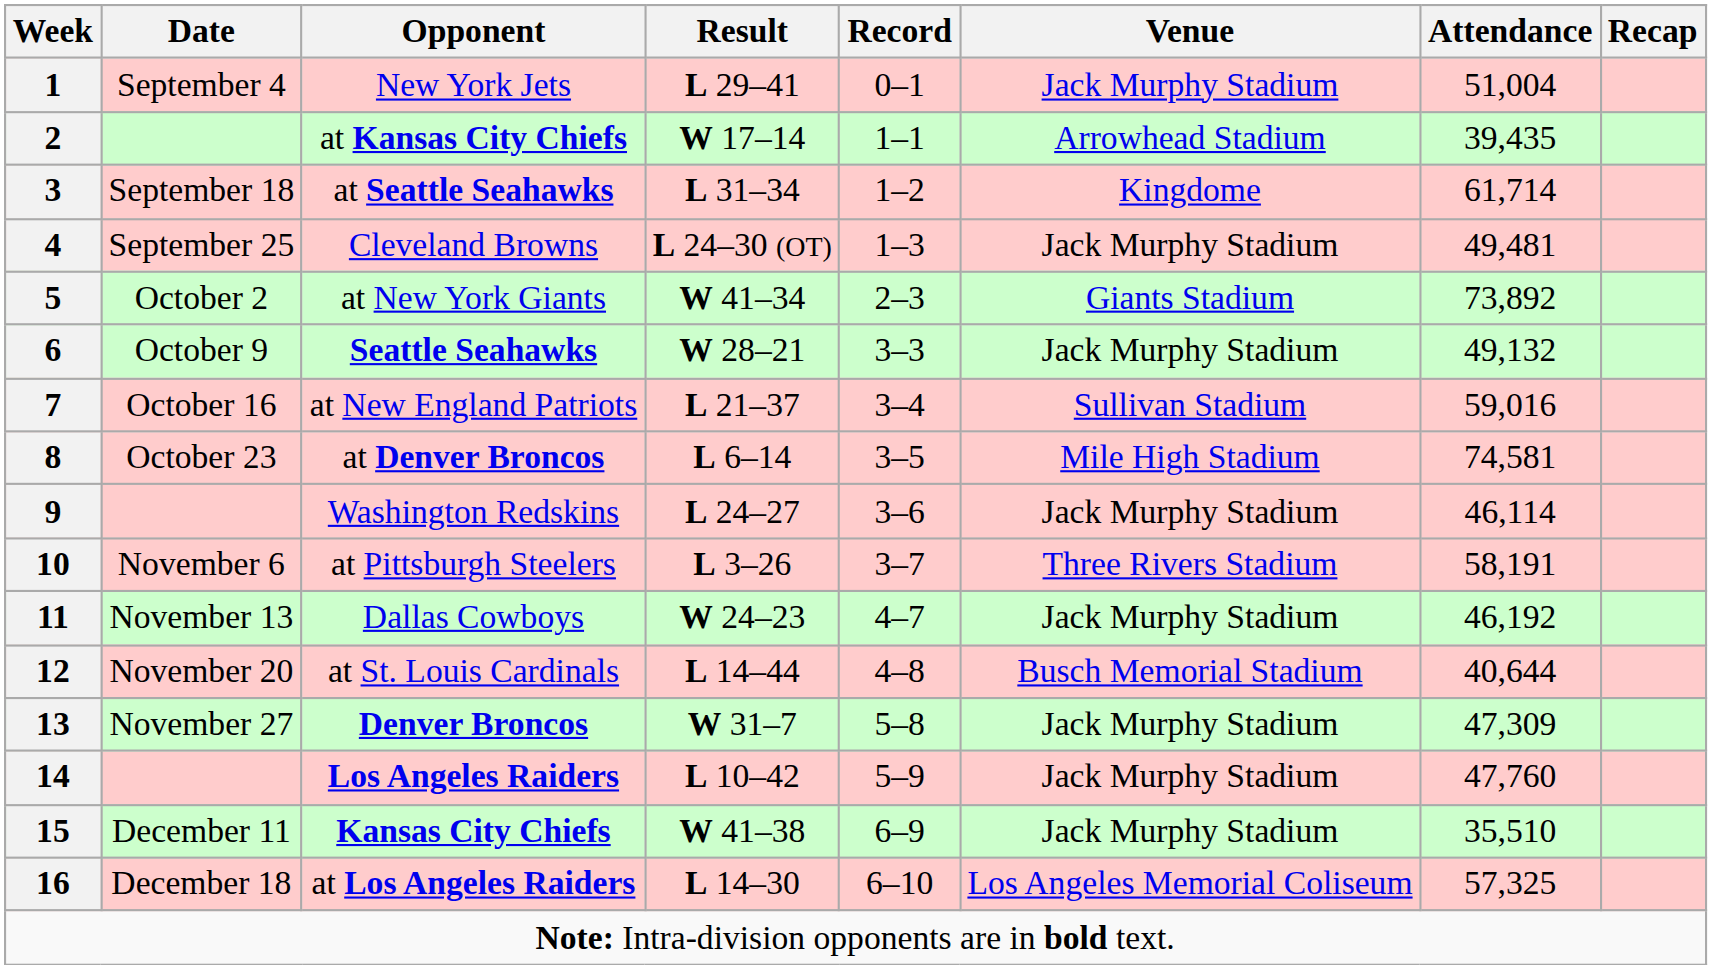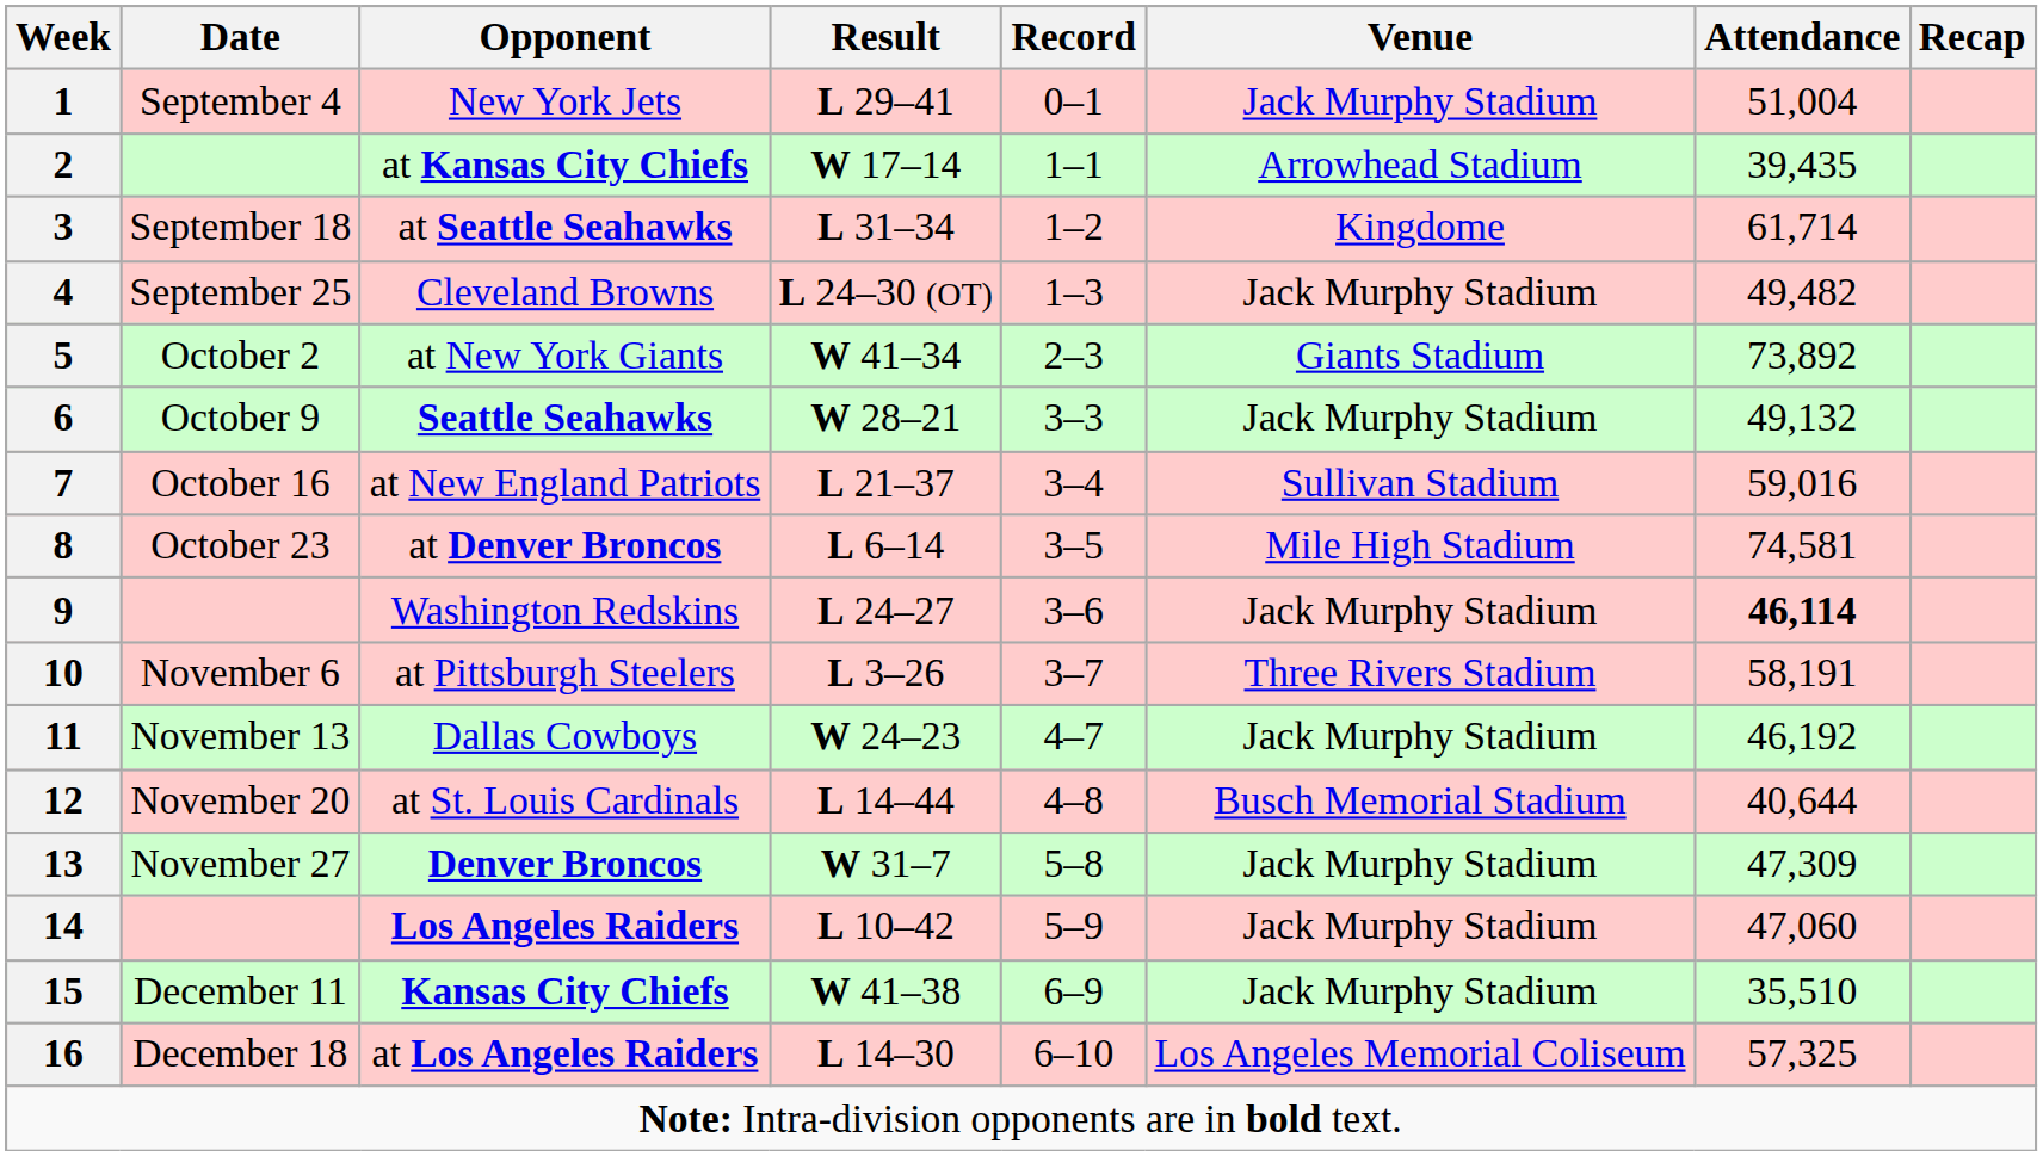 <table class="wikitable" style="text-align:center">
 <tr>
 <th>Week</th>
 <th>Date</th>
 <th>Opponent</th>
 <th>Result</th>
 <th>Record</th>
 <th>Venue</th>
 <th>Attendance</th>
 <th>Recap</th>
 </tr>
 <tr style="background:#fcc">
 <th>1</th>
 <td>September 4</td>
 <td><a href='#'>New York Jets</a></td>
 <td><strong>L</strong> 29–41</td>
 <td>0–1</td>
 <td><a href='#'>Jack Murphy Stadium</a></td>
 <td>51,004</td>
 <td></td>
 </tr>
 <tr style="background:#cfc">
 <th>2</th>
 <td></td>
 <td>at <strong><a href='#'>Kansas City Chiefs</a></strong></td>
 <td><strong>W</strong> 17–14</td>
 <td>1–1</td>
 <td><a href='#'>Arrowhead Stadium</a></td>
 <td>39,435</td>
 <td></td>
 </tr>
 <tr style="background:#fcc">
 <th>3</th>
 <td>September 18</td>
 <td>at <strong><a href='#'>Seattle Seahawks</a></strong></td>
 <td><strong>L</strong> 31–34</td>
 <td>1–2</td>
 <td><a href='#'>Kingdome</a></td>
 <td>61,714</td>
 <td></td>
 </tr>
 <tr style="background:#fcc">
 <th>4</th>
 <td>September 25</td>
 <td><a href='#'>Cleveland Browns</a></td>
 <td><strong>L</strong> 24–30 <small>(OT)</small></td>
 <td>1–3</td>
 <td>Jack Murphy Stadium</td>
-<td>49,481</td>
+<td>49,482</td>
 <td></td>
 </tr>
 <tr style="background:#cfc">
 <th>5</th>
 <td>October 2</td>
 <td>at <a href='#'>New York Giants</a></td>
 <td><strong>W</strong> 41–34</td>
 <td>2–3</td>
 <td><a href='#'>Giants Stadium</a></td>
 <td>73,892</td>
 <td></td>
 </tr>
 <tr style="background:#cfc">
 <th>6</th>
 <td>October 9</td>
 <td><strong><a href='#'>Seattle Seahawks</a></strong></td>
 <td><strong>W</strong> 28–21</td>
 <td>3–3</td>
 <td>Jack Murphy Stadium</td>
 <td>49,132</td>
 <td></td>
 </tr>
 <tr style="background:#fcc">
 <th>7</th>
 <td>October 16</td>
 <td>at <a href='#'>New England Patriots</a></td>
 <td><strong>L</strong> 21–37</td>
 <td>3–4</td>
 <td><a href='#'>Sullivan Stadium</a></td>
 <td>59,016</td>
 <td></td>
 </tr>
 <tr style="background:#fcc">
 <th>8</th>
 <td>October 23</td>
 <td>at <strong><a href='#'>Denver Broncos</a></strong></td>
 <td><strong>L</strong> 6–14</td>
 <td>3–5</td>
 <td><a href='#'>Mile High Stadium</a></td>
 <td>74,581</td>
 <td></td>
 </tr>
 <tr style="background:#fcc">
 <th>9</th>
 <td></td>
 <td><a href='#'>Washington Redskins</a></td>
 <td><strong>L</strong> 24–27</td>
 <td>3–6</td>
 <td>Jack Murphy Stadium</td>
-<td>46,114</td>
+<td><strong>46,114</strong></td>
 <td></td>
 </tr>
 <tr style="background:#fcc">
 <th>10</th>
 <td>November 6</td>
 <td>at <a href='#'>Pittsburgh Steelers</a></td>
 <td><strong>L</strong> 3–26</td>
 <td>3–7</td>
 <td><a href='#'>Three Rivers Stadium</a></td>
 <td>58,191</td>
 <td></td>
 </tr>
 <tr style="background:#cfc">
 <th>11</th>
 <td>November 13</td>
 <td><a href='#'>Dallas Cowboys</a></td>
 <td><strong>W</strong> 24–23</td>
 <td>4–7</td>
 <td>Jack Murphy Stadium</td>
 <td>46,192</td>
 <td></td>
 </tr>
 <tr style="background:#fcc">
 <th>12</th>
 <td>November 20</td>
 <td>at <a href='#'>St. Louis Cardinals</a></td>
 <td><strong>L</strong> 14–44</td>
 <td>4–8</td>
 <td><a href='#'>Busch Memorial Stadium</a></td>
 <td>40,644</td>
 <td></td>
 </tr>
 <tr style="background:#cfc">
 <th>13</th>
 <td>November 27</td>
 <td><strong><a href='#'>Denver Broncos</a></strong></td>
 <td><strong>W</strong> 31–7</td>
 <td>5–8</td>
 <td>Jack Murphy Stadium</td>
 <td>47,309</td>
 <td></td>
 </tr>
 <tr style="background:#fcc">
 <th>14</th>
 <td></td>
 <td><strong><a href='#'>Los Angeles Raiders</a></strong></td>
 <td><strong>L</strong> 10–42</td>
 <td>5–9</td>
 <td>Jack Murphy Stadium</td>
-<td>47,760</td>
+<td>47,060</td>
 <td></td>
 </tr>
 <tr style="background:#cfc">
 <th>15</th>
 <td>December 11</td>
 <td><strong><a href='#'>Kansas City Chiefs</a></strong></td>
 <td><strong>W</strong> 41–38</td>
 <td>6–9</td>
 <td>Jack Murphy Stadium</td>
 <td>35,510</td>
 <td></td>
 </tr>
 <tr style="background:#fcc">
 <th>16</th>
 <td>December 18</td>
 <td>at <strong><a href='#'>Los Angeles Raiders</a></strong></td>
 <td><strong>L</strong> 14–30</td>
 <td>6–10</td>
 <td><a href='#'>Los Angeles Memorial Coliseum</a></td>
 <td>57,325</td>
 <td></td>
 </tr>
 <tr>
 <td colspan="8"><strong>Note:</strong> Intra-division opponents are in <strong>bold</strong> text.</td>
 </tr>
 </table>
